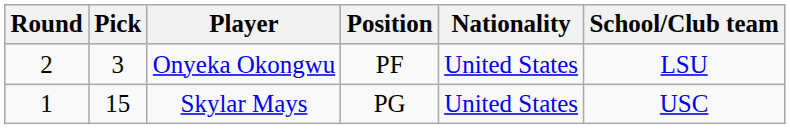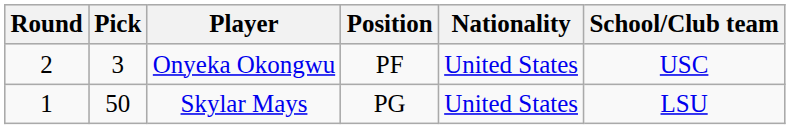 <table class="wikitable sortable sortable">
 <tr>
 <th>Round</th>
 <th>Pick</th>
 <th>Player</th>
 <th>Position</th>
 <th>Nationality</th>
 <th>School/Club team</th>
 </tr>
 <tr style="text-align: center">
 <td>2</td>
 <td>3</td>
 <td><a href='#'>Onyeka Okongwu</a></td>
 <td>PF</td>
 <td> <a href='#'>United States</a></td>
-<td><a href='#'>LSU</a></td>
+<td><a href='#'>USC</a></td>
 </tr>
 <tr style="text-align: center">
 <td>1</td>
-<td>15</td>
+<td>50</td>
 <td><a href='#'>Skylar Mays</a></td>
 <td>PG</td>
 <td> <a href='#'>United States</a></td>
-<td><a href='#'>USC</a></td>
+<td><a href='#'>LSU</a></td>
 </tr>
 </table>
